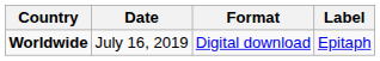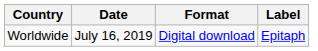 <table class="wikitable">
 <tr>
 <th>Country</th>
 <th>Date</th>
 <th>Format</th>
 <th>Label</th>
 </tr>
 <tr>
-<td><strong>Worldwide</strong></td>
+<td>Worldwide</td>
 <td rowspan="3">July 16, 2019</td>
 <td rowspan="3"><a href='#'>Digital download</a></td>
 <td rowspan="2"><a href='#'>Epitaph</a></td>
 </tr>
 </table>
